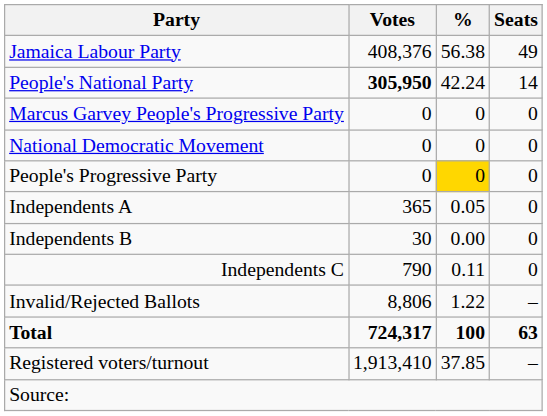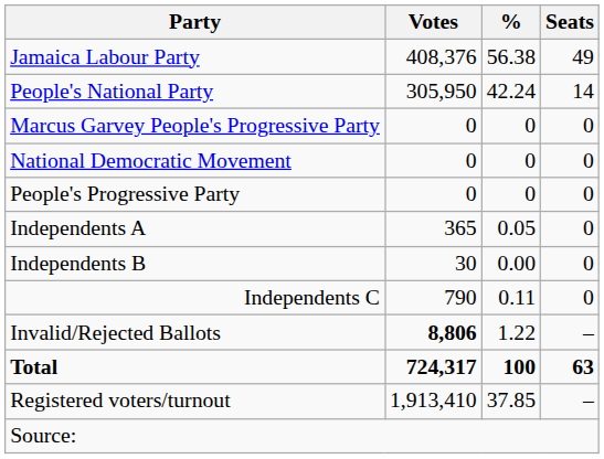 <table class="wikitable" style="text-align:right">
 <tr>
 <th>Party</th>
 <th>Votes</th>
 <th>%</th>
 <th>Seats</th>
 </tr>
 <tr>
 <td align="left"><a href='#'>Jamaica Labour Party</a></td>
 <td>408,376</td>
 <td>56.38</td>
 <td>49</td>
 </tr>
 <tr>
 <td align="left"><a href='#'>People's National Party</a></td>
-<td><strong>305,950</strong></td>
+<td>305,950</td>
 <td>42.24</td>
 <td>14</td>
 </tr>
 <tr>
 <td align="left"><a href='#'>Marcus Garvey People's Progressive Party</a></td>
 <td>0</td>
 <td>0</td>
 <td>0</td>
 </tr>
 <tr>
 <td align="left"><a href='#'>National Democratic Movement</a></td>
 <td>0</td>
 <td>0</td>
 <td>0</td>
 </tr>
 <tr>
 <td align="left">People's Progressive Party</td>
 <td>0</td>
-<td style="background: gold;">0</td>
+<td>0</td>
 <td>0</td>
 </tr>
 <tr>
 <td align="left">Independents A</td>
 <td>365</td>
 <td>0.05</td>
 <td>0</td>
 </tr>
 <tr>
 <td align="left">Independents B</td>
 <td>30</td>
 <td>0.00</td>
 <td>0</td>
 </tr>
 <tr>
 <td>Independents C</td>
 <td>790</td>
 <td>0.11</td>
 <td>0</td>
 </tr>
 <tr>
 <td align="left">Invalid/Rejected Ballots</td>
-<td>8,806</td>
+<td><strong>8,806</strong></td>
 <td>1.22</td>
 <td>–</td>
 </tr>
 <tr>
 <td align="left"><strong>Total</strong></td>
 <td><strong>724,317</strong></td>
 <td><strong>100</strong></td>
 <td><strong>63</strong></td>
 </tr>
 <tr>
 <td align="left">Registered voters/turnout</td>
 <td>1,913,410</td>
 <td>37.85</td>
 <td>–</td>
 </tr>
 <tr>
 <td colspan="4" align="left">Source: </td>
 </tr>
 </table>
